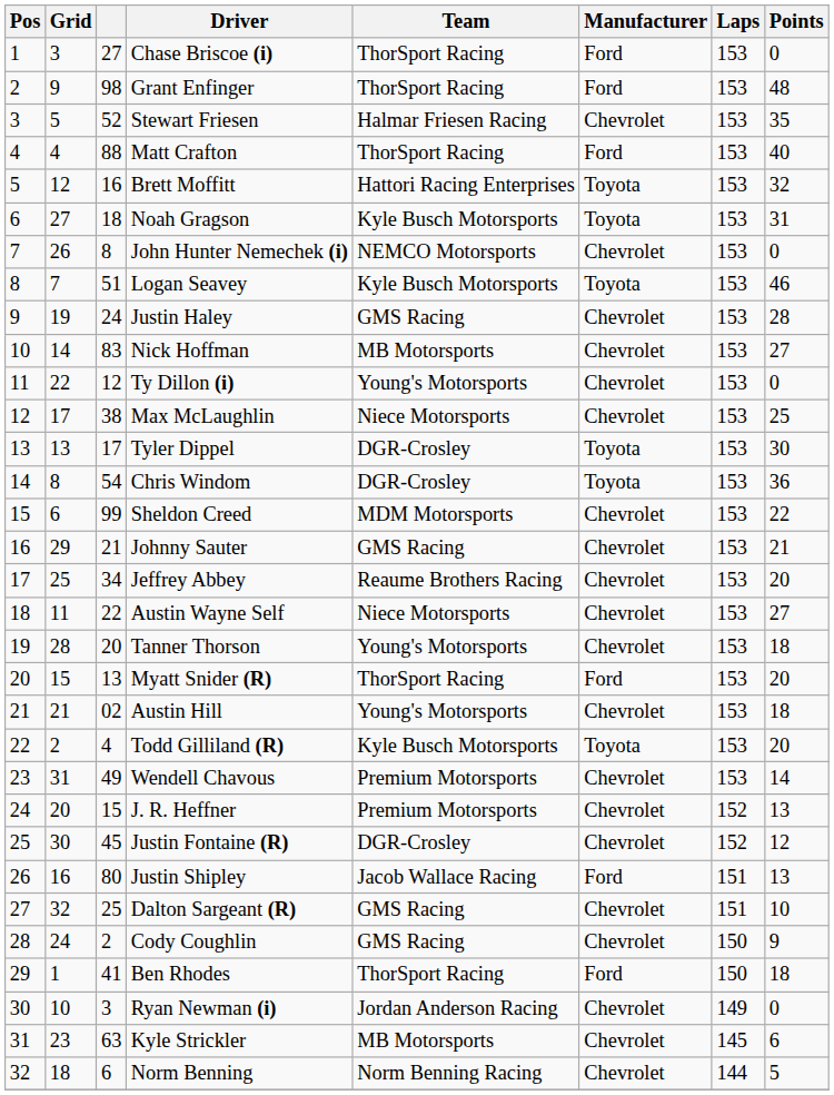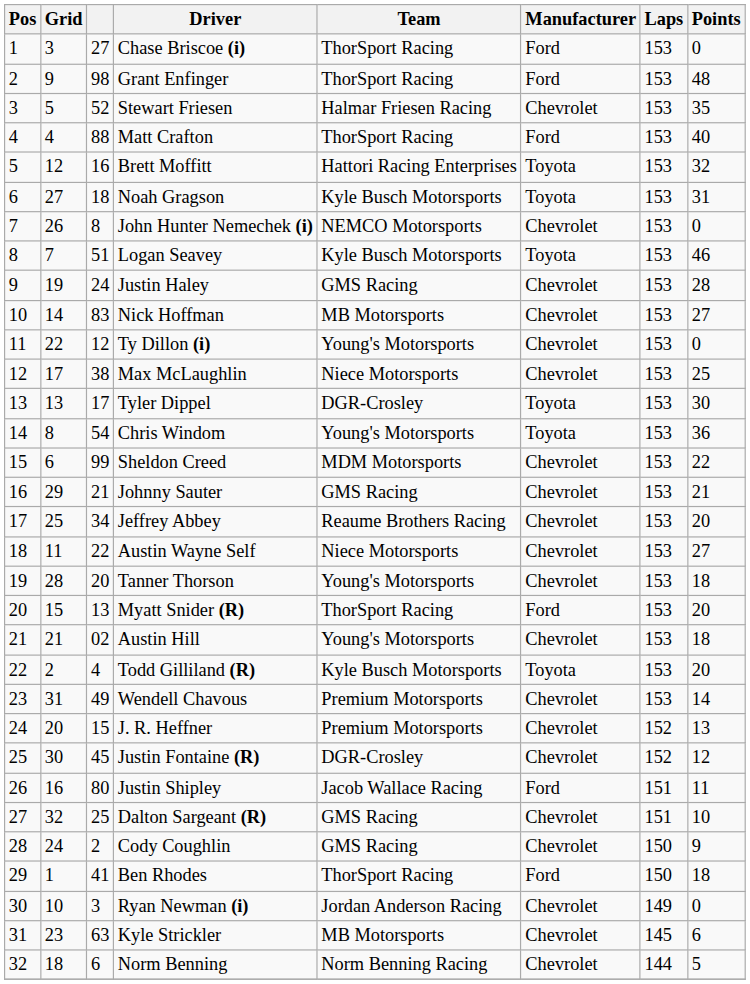 <table class="wikitable" style="font-size:98%">
 <tr>
 <th>Pos</th>
 <th>Grid</th>
 <th></th>
 <th>Driver</th>
 <th>Team</th>
 <th>Manufacturer</th>
 <th>Laps</th>
 <th>Points</th>
 </tr>
 <tr>
 <td>1</td>
 <td>3</td>
 <td>27</td>
 <td>Chase Briscoe <strong>(i)</strong></td>
 <td>ThorSport Racing</td>
 <td>Ford</td>
 <td>153</td>
 <td>0</td>
 </tr>
 <tr>
 <td>2</td>
 <td>9</td>
 <td>98</td>
 <td>Grant Enfinger</td>
 <td>ThorSport Racing</td>
 <td>Ford</td>
 <td>153</td>
 <td>48</td>
 </tr>
 <tr>
 <td>3</td>
 <td>5</td>
 <td>52</td>
 <td>Stewart Friesen</td>
 <td>Halmar Friesen Racing</td>
 <td>Chevrolet</td>
 <td>153</td>
 <td>35</td>
 </tr>
 <tr>
 <td>4</td>
 <td>4</td>
 <td>88</td>
 <td>Matt Crafton</td>
 <td>ThorSport Racing</td>
 <td>Ford</td>
 <td>153</td>
 <td>40</td>
 </tr>
 <tr>
 <td>5</td>
 <td>12</td>
 <td>16</td>
 <td>Brett Moffitt</td>
 <td>Hattori Racing Enterprises</td>
 <td>Toyota</td>
 <td>153</td>
 <td>32</td>
 </tr>
 <tr>
 <td>6</td>
 <td>27</td>
 <td>18</td>
 <td>Noah Gragson</td>
 <td>Kyle Busch Motorsports</td>
 <td>Toyota</td>
 <td>153</td>
 <td>31</td>
 </tr>
 <tr>
 <td>7</td>
 <td>26</td>
 <td>8</td>
 <td>John Hunter Nemechek <strong>(i)</strong></td>
 <td>NEMCO Motorsports</td>
 <td>Chevrolet</td>
 <td>153</td>
 <td>0</td>
 </tr>
 <tr>
 <td>8</td>
 <td>7</td>
 <td>51</td>
 <td>Logan Seavey</td>
 <td>Kyle Busch Motorsports</td>
 <td>Toyota</td>
 <td>153</td>
 <td>46</td>
 </tr>
 <tr>
 <td>9</td>
 <td>19</td>
 <td>24</td>
 <td>Justin Haley</td>
 <td>GMS Racing</td>
 <td>Chevrolet</td>
 <td>153</td>
 <td>28</td>
 </tr>
 <tr>
 <td>10</td>
 <td>14</td>
 <td>83</td>
 <td>Nick Hoffman</td>
 <td>MB Motorsports</td>
 <td>Chevrolet</td>
 <td>153</td>
 <td>27</td>
 </tr>
 <tr>
 <td>11</td>
 <td>22</td>
 <td>12</td>
 <td>Ty Dillon <strong>(i)</strong></td>
 <td>Young's Motorsports</td>
 <td>Chevrolet</td>
 <td>153</td>
 <td>0</td>
 </tr>
 <tr>
 <td>12</td>
 <td>17</td>
 <td>38</td>
 <td>Max McLaughlin</td>
 <td>Niece Motorsports</td>
 <td>Chevrolet</td>
 <td>153</td>
 <td>25</td>
 </tr>
 <tr>
 <td>13</td>
 <td>13</td>
 <td>17</td>
 <td>Tyler Dippel</td>
 <td>DGR-Crosley</td>
 <td>Toyota</td>
 <td>153</td>
 <td>30</td>
 </tr>
 <tr>
 <td>14</td>
 <td>8</td>
 <td>54</td>
 <td>Chris Windom</td>
-<td>DGR-Crosley</td>
+<td>Young's Motorsports</td>
 <td>Toyota</td>
 <td>153</td>
 <td>36</td>
 </tr>
 <tr>
 <td>15</td>
 <td>6</td>
 <td>99</td>
 <td>Sheldon Creed</td>
 <td>MDM Motorsports</td>
 <td>Chevrolet</td>
 <td>153</td>
 <td>22</td>
 </tr>
 <tr>
 <td>16</td>
 <td>29</td>
 <td>21</td>
 <td>Johnny Sauter</td>
 <td>GMS Racing</td>
 <td>Chevrolet</td>
 <td>153</td>
 <td>21</td>
 </tr>
 <tr>
 <td>17</td>
 <td>25</td>
 <td>34</td>
 <td>Jeffrey Abbey</td>
 <td>Reaume Brothers Racing</td>
 <td>Chevrolet</td>
 <td>153</td>
 <td>20</td>
 </tr>
 <tr>
 <td>18</td>
 <td>11</td>
 <td>22</td>
 <td>Austin Wayne Self</td>
 <td>Niece Motorsports</td>
 <td>Chevrolet</td>
 <td>153</td>
 <td>27</td>
 </tr>
 <tr>
 <td>19</td>
 <td>28</td>
 <td>20</td>
 <td>Tanner Thorson</td>
 <td>Young's Motorsports</td>
 <td>Chevrolet</td>
 <td>153</td>
 <td>18</td>
 </tr>
 <tr>
 <td>20</td>
 <td>15</td>
 <td>13</td>
 <td>Myatt Snider <strong>(R)</strong></td>
 <td>ThorSport Racing</td>
 <td>Ford</td>
 <td>153</td>
 <td>20</td>
 </tr>
 <tr>
 <td>21</td>
 <td>21</td>
 <td>02</td>
 <td>Austin Hill</td>
 <td>Young's Motorsports</td>
 <td>Chevrolet</td>
 <td>153</td>
 <td>18</td>
 </tr>
 <tr>
 <td>22</td>
 <td>2</td>
 <td>4</td>
 <td>Todd Gilliland <strong>(R)</strong></td>
 <td>Kyle Busch Motorsports</td>
 <td>Toyota</td>
 <td>153</td>
 <td>20</td>
 </tr>
 <tr>
 <td>23</td>
 <td>31</td>
 <td>49</td>
 <td>Wendell Chavous</td>
 <td>Premium Motorsports</td>
 <td>Chevrolet</td>
 <td>153</td>
 <td>14</td>
 </tr>
 <tr>
 <td>24</td>
 <td>20</td>
 <td>15</td>
 <td>J. R. Heffner</td>
 <td>Premium Motorsports</td>
 <td>Chevrolet</td>
 <td>152</td>
 <td>13</td>
 </tr>
 <tr>
 <td>25</td>
 <td>30</td>
 <td>45</td>
 <td>Justin Fontaine <strong>(R)</strong></td>
 <td>DGR-Crosley</td>
 <td>Chevrolet</td>
 <td>152</td>
 <td>12</td>
 </tr>
 <tr>
 <td>26</td>
 <td>16</td>
 <td>80</td>
 <td>Justin Shipley</td>
 <td>Jacob Wallace Racing</td>
 <td>Ford</td>
 <td>151</td>
-<td>13</td>
+<td>11</td>
 </tr>
 <tr>
 <td>27</td>
 <td>32</td>
 <td>25</td>
 <td>Dalton Sargeant <strong>(R)</strong></td>
 <td>GMS Racing</td>
 <td>Chevrolet</td>
 <td>151</td>
 <td>10</td>
 </tr>
 <tr>
 <td>28</td>
 <td>24</td>
 <td>2</td>
 <td>Cody Coughlin</td>
 <td>GMS Racing</td>
 <td>Chevrolet</td>
 <td>150</td>
 <td>9</td>
 </tr>
 <tr>
 <td>29</td>
 <td>1</td>
 <td>41</td>
 <td>Ben Rhodes</td>
 <td>ThorSport Racing</td>
 <td>Ford</td>
 <td>150</td>
 <td>18</td>
 </tr>
 <tr>
 <td>30</td>
 <td>10</td>
 <td>3</td>
 <td>Ryan Newman <strong>(i)</strong></td>
 <td>Jordan Anderson Racing</td>
 <td>Chevrolet</td>
 <td>149</td>
 <td>0</td>
 </tr>
 <tr>
 <td>31</td>
 <td>23</td>
 <td>63</td>
 <td>Kyle Strickler</td>
 <td>MB Motorsports</td>
 <td>Chevrolet</td>
 <td>145</td>
 <td>6</td>
 </tr>
 <tr>
 <td>32</td>
 <td>18</td>
 <td>6</td>
 <td>Norm Benning</td>
 <td>Norm Benning Racing</td>
 <td>Chevrolet</td>
 <td>144</td>
 <td>5</td>
 </tr>
 <tr>
 </tr>
 </table>
